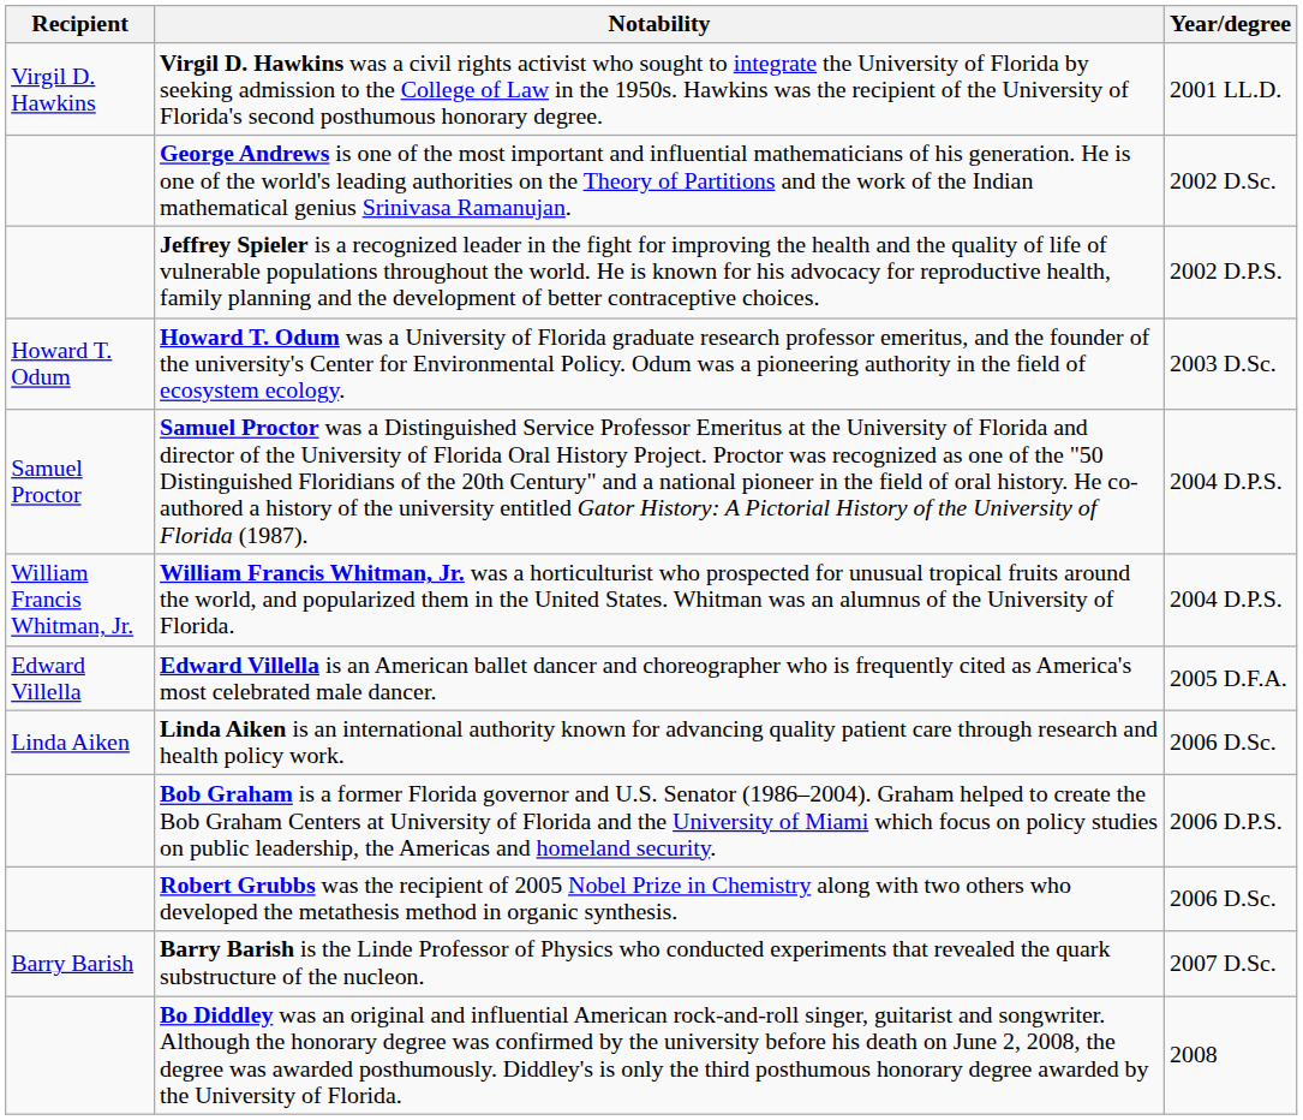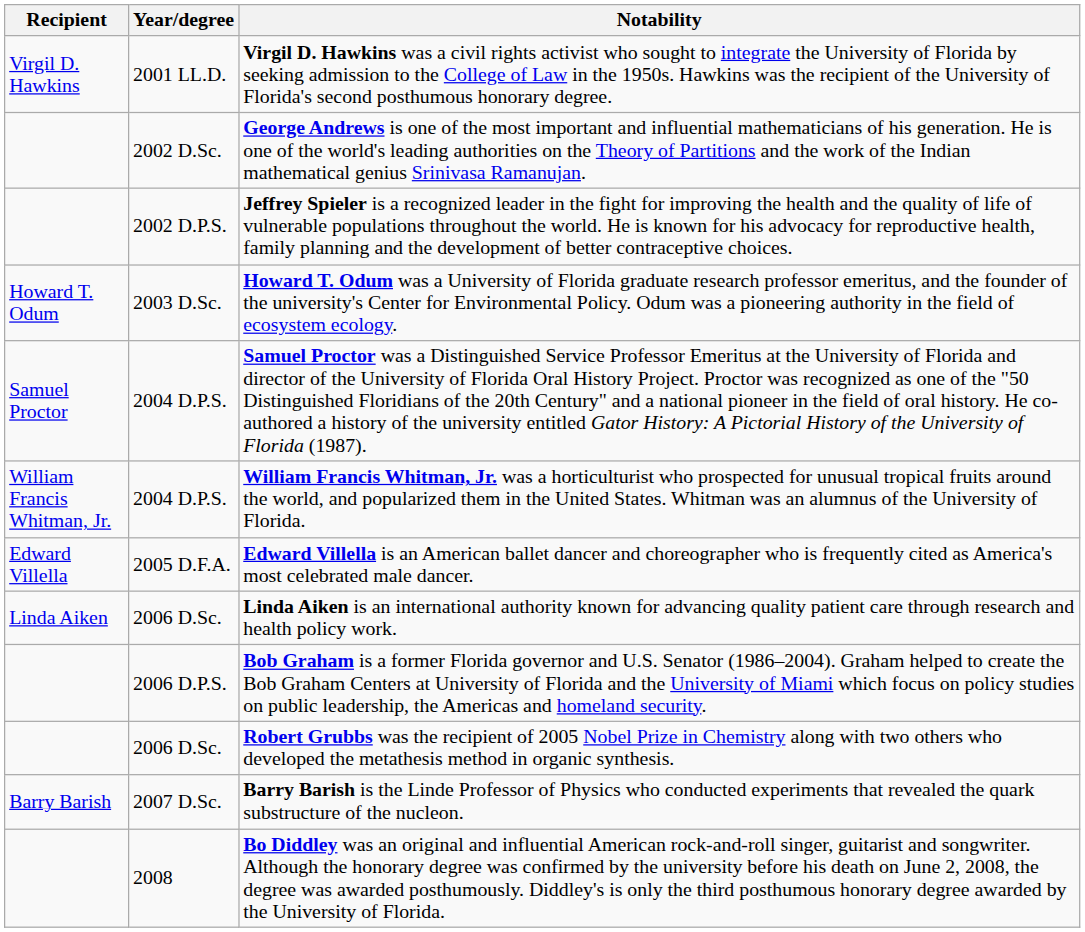 <table class="wikitable">
 <tr>
 <th>Recipient</th>
+<th>Year/degree</th>
 <th>Notability</th>
-<th>Year/degree</th>
 </tr>
 <tr>
 <td><a href='#'>Virgil D. Hawkins</a></td>
+<td>2001 LL.D.</td>
 <td><strong>Virgil D. Hawkins</strong> was a civil rights activist who sought to <a href='#'>integrate</a> the University of Florida by seeking admission to the <a href='#'>College of Law</a> in the 1950s.  Hawkins was the recipient of the University of Florida's second posthumous honorary degree.</td>
-<td>2001 LL.D.</td>
 </tr>
 <tr>
 <td></td>
+<td>2002 D.Sc.</td>
 <td><strong><a href='#'>George Andrews</a></strong> is one of the most important and influential mathematicians of his generation.  He is one of the world's leading authorities on the <a href='#'>Theory of Partitions</a> and the work of the Indian mathematical genius <a href='#'>Srinivasa Ramanujan</a>.</td>
-<td>2002 D.Sc.</td>
 </tr>
 <tr>
 <td></td>
+<td>2002 D.P.S.</td>
 <td><strong>Jeffrey Spieler</strong> is a recognized leader in the fight for improving the health and the quality of life of vulnerable populations throughout the world.  He is known for his advocacy for reproductive health, family planning and the development of better contraceptive choices.</td>
-<td>2002 D.P.S.</td>
 </tr>
 <tr>
 <td><a href='#'>Howard T. Odum</a></td>
+<td>2003 D.Sc.</td>
 <td><strong><a href='#'>Howard T. Odum</a></strong> was a University of Florida graduate research professor emeritus, and the founder of the university's Center for Environmental Policy.  Odum was a pioneering authority in the field of <a href='#'>ecosystem ecology</a>.</td>
-<td>2003 D.Sc.</td>
 </tr>
 <tr>
 <td><a href='#'>Samuel Proctor</a></td>
+<td>2004 D.P.S.</td>
 <td><strong><a href='#'>Samuel Proctor</a></strong> was a Distinguished Service Professor Emeritus at the University of Florida and director of the University of Florida Oral History Project.  Proctor was recognized as one of the "50 Distinguished Floridians of the 20th Century" and a national pioneer in the field of oral history.  He co-authored a history of the university entitled <em>Gator History: A Pictorial History of the University of Florida</em> (1987).</td>
-<td>2004 D.P.S.</td>
 </tr>
 <tr>
 <td><a href='#'>William Francis Whitman, Jr.</a></td>
+<td>2004 D.P.S.</td>
 <td><strong><a href='#'>William Francis Whitman, Jr.</a></strong> was a horticulturist who prospected for unusual tropical fruits around the world, and popularized them in the United States.  Whitman was an alumnus of the University of Florida.</td>
-<td>2004 D.P.S.</td>
 </tr>
 <tr>
 <td><a href='#'>Edward Villella</a></td>
+<td>2005 D.F.A.</td>
 <td><strong><a href='#'>Edward Villella</a></strong> is an American ballet dancer and choreographer who is frequently cited as America's most celebrated male dancer.</td>
-<td>2005 D.F.A.</td>
 </tr>
 <tr>
 <td><a href='#'>Linda Aiken</a></td>
+<td>2006 D.Sc.</td>
 <td><strong>Linda Aiken</strong> is an international authority known for advancing quality patient care through research and health policy work.</td>
-<td>2006 D.Sc.</td>
 </tr>
 <tr>
 <td></td>
+<td>2006 D.P.S.</td>
 <td><strong><a href='#'>Bob Graham</a></strong> is a former Florida governor and U.S. Senator (1986–2004).  Graham helped to create the Bob Graham Centers at University of Florida and the <a href='#'>University of Miami</a> which focus on policy studies on public leadership, the Americas and <a href='#'>homeland security</a>.</td>
-<td>2006 D.P.S.</td>
 </tr>
 <tr>
 <td></td>
+<td>2006 D.Sc.</td>
 <td><strong><a href='#'>Robert Grubbs</a></strong> was the recipient of 2005 <a href='#'>Nobel Prize in Chemistry</a> along with two others who developed the metathesis method in organic synthesis.</td>
-<td>2006 D.Sc.</td>
 </tr>
 <tr>
 <td><a href='#'>Barry Barish</a></td>
+<td>2007 D.Sc.</td>
 <td><strong>Barry Barish</strong> is the Linde Professor of Physics who conducted experiments that revealed the quark substructure of the nucleon.</td>
-<td>2007 D.Sc.</td>
 </tr>
 <tr>
 <td></td>
+<td>2008</td>
 <td><strong><a href='#'>Bo Diddley</a></strong> was an original and influential American rock-and-roll singer, guitarist and songwriter.  Although the honorary degree was confirmed by the university before his death on June 2, 2008, the degree was awarded posthumously.  Diddley's is only the third posthumous honorary degree awarded by the University of Florida.</td>
-<td>2008</td>
 </tr>
 </table>
